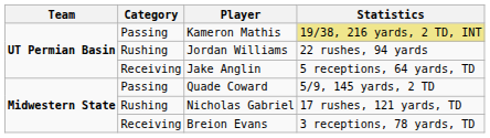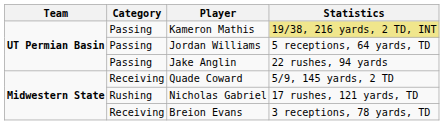 <table class="wikitable" style="float: right;">
 <tr>
 <th>Team</th>
 <th>Category</th>
 <th>Player</th>
 <th>Statistics</th>
 </tr>
 <tr>
 <td rowspan=3><strong>UT Permian Basin</strong></td>
 <td>Passing</td>
 <td>Kameron Mathis</td>
 <td style="background: khaki;">19/38, 216 yards, 2 TD, INT</td>
 </tr>
 <tr>
-<td>Rushing</td>
+<td>Passing</td>
 <td>Jordan Williams</td>
+<td>5 receptions, 64 yards, TD</td>
+</tr>
+<tr>
+<td>Passing</td>
+<td>Jake Anglin</td>
 <td>22 rushes, 94 yards</td>
 </tr>
 <tr>
+<td rowspan=3><strong>Midwestern State</strong></td>
 <td>Receiving</td>
-<td>Jake Anglin</td>
-<td>5 receptions, 64 yards, TD</td>
-</tr>
-<tr>
-<td rowspan=3><strong>Midwestern State</strong></td>
-<td>Passing</td>
 <td>Quade Coward</td>
 <td>5/9, 145 yards, 2 TD</td>
 </tr>
 <tr>
 <td>Rushing</td>
 <td>Nicholas Gabriel</td>
 <td>17 rushes, 121 yards, TD</td>
 </tr>
 <tr>
 <td>Receiving</td>
 <td>Breion Evans</td>
 <td>3 receptions, 78 yards, TD</td>
 </tr>
 </table>
